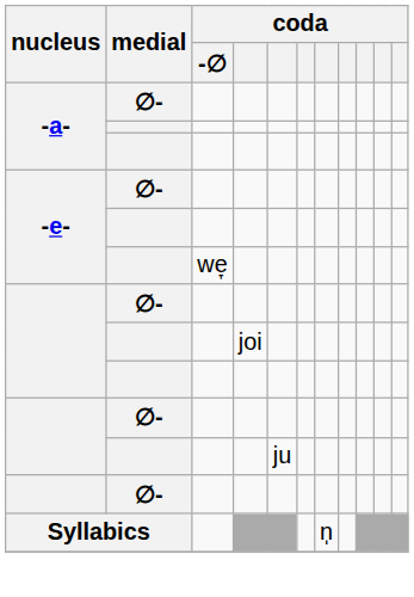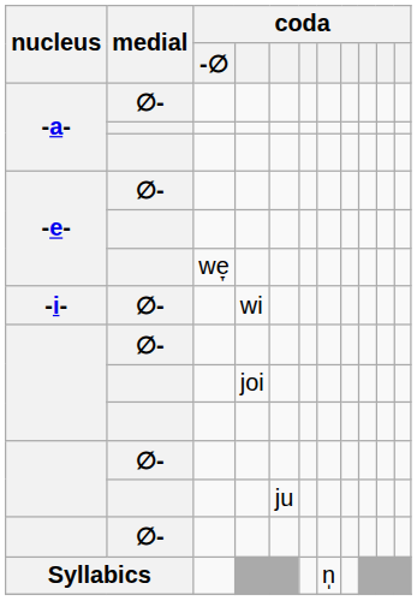 <table class="wikitable">
 <tr>
 <th rowspan="2">nucleus</th>
 <th rowspan="2">medial</th>
 <th colspan="9">coda</th>
 </tr>
 <tr>
 <th>-∅</th>
 <th></th>
 <th></th>
 <th></th>
 <th></th>
 <th></th>
 <th></th>
 <th></th>
 <th></th>
 </tr>
 <tr>
 <th rowspan="3">-<a href='#'>a</a>-</th>
 <th>∅-</th>
 <td></td>
 <td></td>
 <td></td>
 <td></td>
 <td></td>
 <td></td>
 <td></td>
 <td></td>
 <td></td>
 </tr>
 <tr>
 <th></th>
 <td></td>
 <td></td>
 <td></td>
 <td></td>
 <td></td>
 <td></td>
 <td></td>
 <td></td>
 <td></td>
 </tr>
 <tr>
 <th></th>
 <td></td>
 <td></td>
 <td> </td>
 <td> </td>
 <td></td>
 <td></td>
 <td> </td>
 <td></td>
 <td></td>
 </tr>
 <tr>
 <th rowspan="3">-<a href='#'>e</a>-</th>
 <th>∅-</th>
 <td></td>
 <td> </td>
 <td></td>
 <td></td>
 <td></td>
 <td> </td>
 <td></td>
 <td></td>
 <td> </td>
 </tr>
 <tr>
 <th></th>
 <td></td>
 <td> </td>
 <td> </td>
 <td> </td>
 <td></td>
 <td> </td>
 <td> </td>
 <td></td>
 <td> </td>
 </tr>
 <tr>
 <th></th>
 <td>we̞</td>
 <td> </td>
 <td> </td>
 <td> </td>
 <td></td>
 <td> </td>
 <td> </td>
 <td></td>
 <td> </td>
 </tr>
 <tr>
+<th>-<a href='#'>i</a>-</th>
+<th>∅-</th>
+<td></td>
+<td>wi</td>
+<td> </td>
+<td></td>
+<td></td>
+<td> </td>
+<td></td>
+<td></td>
+<td> </td>
+</tr>
+<tr>
 <th rowspan="3"></th>
 <th>∅-</th>
 <td></td>
 <td></td>
 <td> </td>
 <td> </td>
 <td></td>
 <td></td>
 <td> </td>
 <td></td>
 <td></td>
 </tr>
 <tr>
 <th></th>
 <td></td>
 <td>joi</td>
 <td> </td>
 <td> </td>
 <td></td>
 <td></td>
 <td> </td>
 <td> </td>
 <td></td>
 </tr>
 <tr>
 <th></th>
 <td></td>
 <td> </td>
 <td> </td>
 <td> </td>
 <td></td>
 <td></td>
 <td> </td>
 <td> </td>
 <td></td>
 </tr>
 <tr>
 <th rowspan="2"></th>
 <th>∅-</th>
 <td></td>
 <td> </td>
 <td> </td>
 <td> </td>
 <td></td>
 <td></td>
 <td> </td>
 <td></td>
 <td></td>
 </tr>
 <tr>
 <th></th>
 <td> </td>
 <td></td>
 <td>ju</td>
 <td> </td>
 <td></td>
 <td></td>
 <td> </td>
 <td></td>
 <td></td>
 </tr>
 <tr>
 <th></th>
 <th>∅-</th>
 <td> </td>
 <td> </td>
 <td> </td>
 <td></td>
 <td></td>
 <td> </td>
 <td></td>
 <td></td>
 <td> </td>
 </tr>
 <tr>
 <th colspan="2">Syllabics</th>
 <td></td>
 <td colspan="2" style="background: #aaa;"></td>
 <td></td>
 <td>n̩</td>
 <td></td>
 <td colspan="3" style="background: #aaa;"></td>
 </tr>
 <tr>
 </tr>
 </table>
